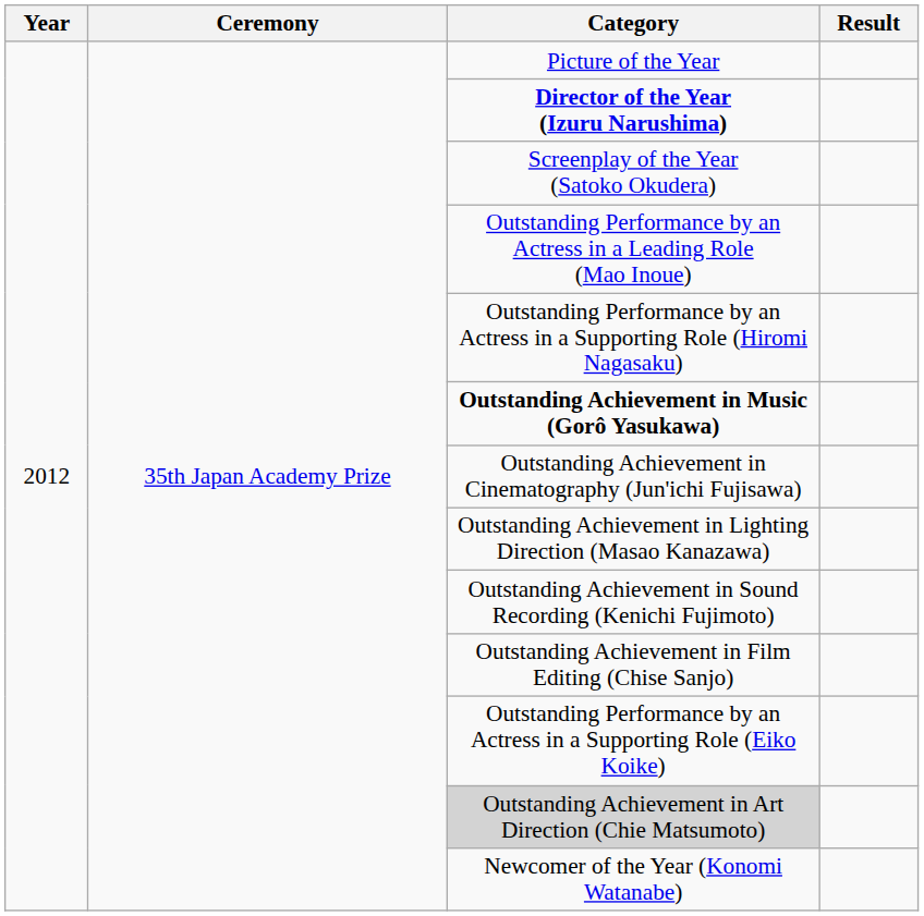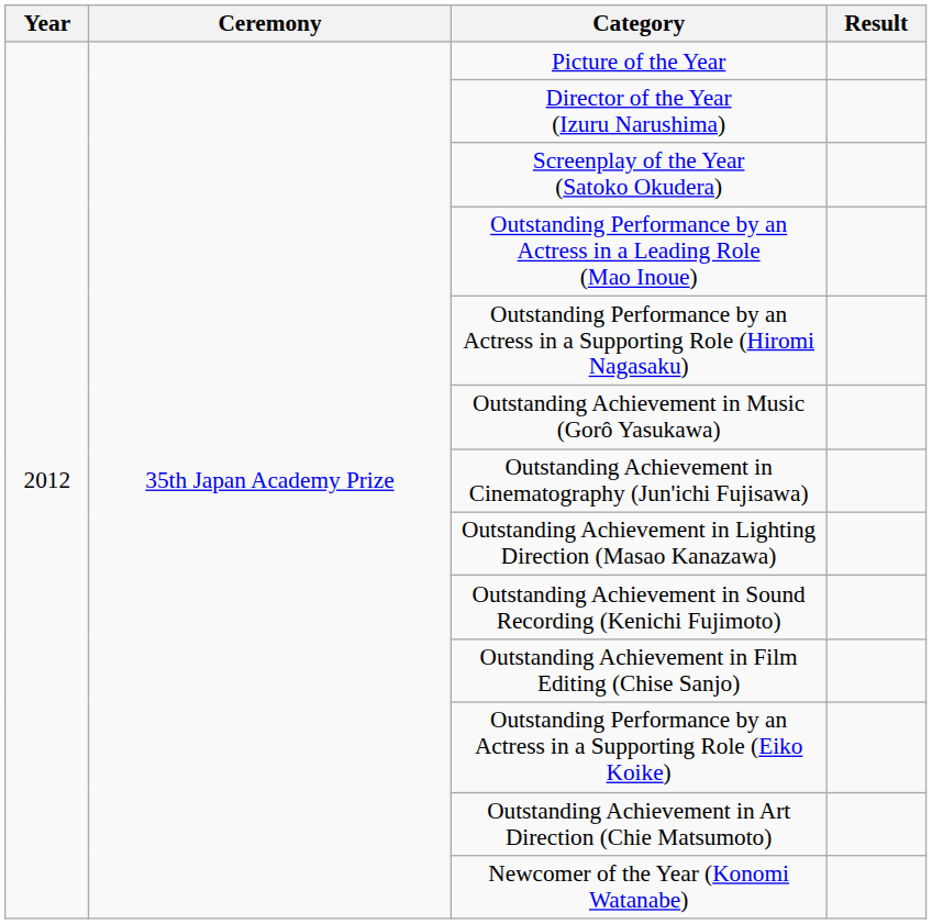 <table class="wikitable">
 <tr>
 <th style="width:50px;">Year</th>
 <th style="width:240px;">Ceremony</th>
 <th style="width:250px;">Category</th>
 <th style="width:60px;">Result</th>
 </tr>
 <tr>
 <td align="center" rowspan=13>2012</td>
 <td align="center" rowspan=13><a href='#'>35th Japan Academy Prize</a></td>
 <td align="center"><a href='#'>Picture of the Year</a></td>
 <td></td>
 </tr>
 <tr>
-<td align="center"><strong><a href='#'>Director of the Year</a> <br>(<a href='#'>Izuru Narushima</a>)</strong></td>
+<td align="center"><a href='#'>Director of the Year</a> <br>(<a href='#'>Izuru Narushima</a>)</td>
 <td></td>
 </tr>
 <tr>
 <td align="center"><a href='#'>Screenplay of the Year</a> <br>(<a href='#'>Satoko Okudera</a>)</td>
 <td></td>
 </tr>
 <tr>
 <td align="center"><a href='#'>Outstanding Performance by an Actress in a Leading Role</a> <br> (<a href='#'>Mao Inoue</a>)</td>
 <td></td>
 </tr>
 <tr>
 <td align="center">Outstanding Performance by an Actress in a Supporting Role (<a href='#'>Hiromi Nagasaku</a>)</td>
 <td></td>
 </tr>
 <tr>
-<td align="center"><strong>Outstanding Achievement in Music (Gorô Yasukawa)</strong></td>
+<td align="center">Outstanding Achievement in Music (Gorô Yasukawa)</td>
 <td></td>
 </tr>
 <tr>
 <td align="center">Outstanding Achievement in Cinematography (Jun'ichi Fujisawa)</td>
 <td></td>
 </tr>
 <tr>
 <td align="center">Outstanding Achievement in Lighting Direction (Masao Kanazawa)</td>
 <td></td>
 </tr>
 <tr>
 <td align="center">Outstanding Achievement in Sound Recording (Kenichi Fujimoto)</td>
 <td></td>
 </tr>
 <tr>
 <td align="center">Outstanding Achievement in Film Editing (Chise Sanjo)</td>
 <td></td>
 </tr>
 <tr>
 <td align="center">Outstanding Performance by an Actress in a Supporting Role (<a href='#'>Eiko Koike</a>)</td>
 <td></td>
 </tr>
 <tr>
-<td align="center" style="background: lightgrey;">Outstanding Achievement in Art Direction (Chie Matsumoto)</td>
+<td align="center">Outstanding Achievement in Art Direction (Chie Matsumoto)</td>
 <td></td>
 </tr>
 <tr>
 <td align="center">Newcomer of the Year (<a href='#'>Konomi Watanabe</a>)</td>
 <td></td>
 </tr>
 </table>
